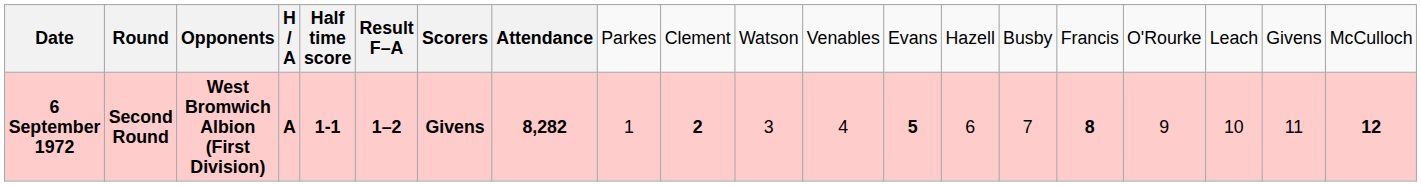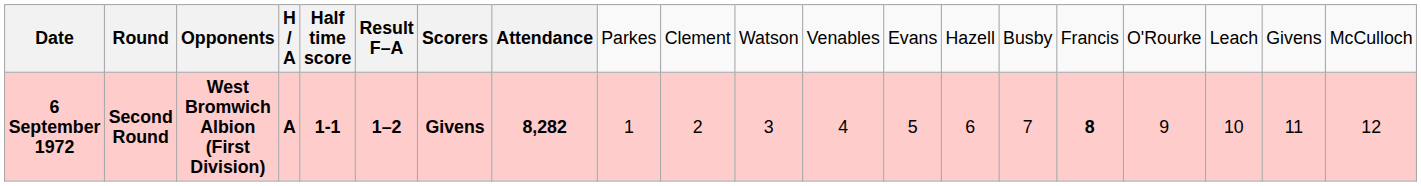 <table class="wikitable" style="text-align:center">
 <tr>
 <th><strong>Date</strong></th>
 <th><strong>Round</strong></th>
 <th><strong>Opponents</strong></th>
 <th><strong>H / A</strong></th>
 <th><strong>Half time score</strong></th>
 <th><strong>Result</strong><br><strong>F–A</strong></th>
 <th><strong>Scorers</strong></th>
 <th><strong>Attendance</strong></th>
 <td>Parkes</td>
 <td>Clement</td>
 <td>Watson</td>
 <td>Venables</td>
 <td>Evans</td>
 <td>Hazell</td>
 <td>Busby</td>
 <td>Francis</td>
 <td>O'Rourke</td>
 <td>Leach</td>
 <td>Givens</td>
 <td>McCulloch</td>
 </tr>
 <tr bgcolor="#ffcccc">
 <td><strong>6 September 1972</strong></td>
 <td><strong>Second Round</strong></td>
 <td><strong>West Bromwich Albion (First Division)</strong></td>
 <td><strong>A</strong></td>
 <td><strong>1-1</strong></td>
 <td><strong>1–2</strong></td>
 <td><strong>Givens</strong></td>
 <td><strong>8,282</strong></td>
 <td>1</td>
-<td><strong>2</strong></td>
+<td>2</td>
 <td>3</td>
 <td>4</td>
-<td><strong>5</strong></td>
+<td>5</td>
 <td>6</td>
 <td>7</td>
 <td><strong>8</strong></td>
 <td>9</td>
 <td>10</td>
 <td>11</td>
-<td><strong>12</strong></td>
+<td>12</td>
 </tr>
 </table>
